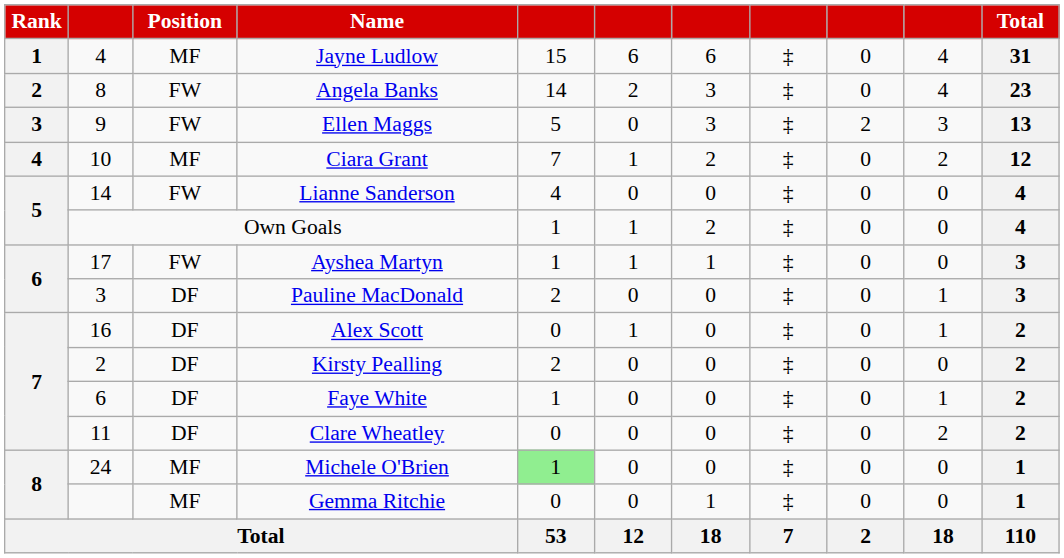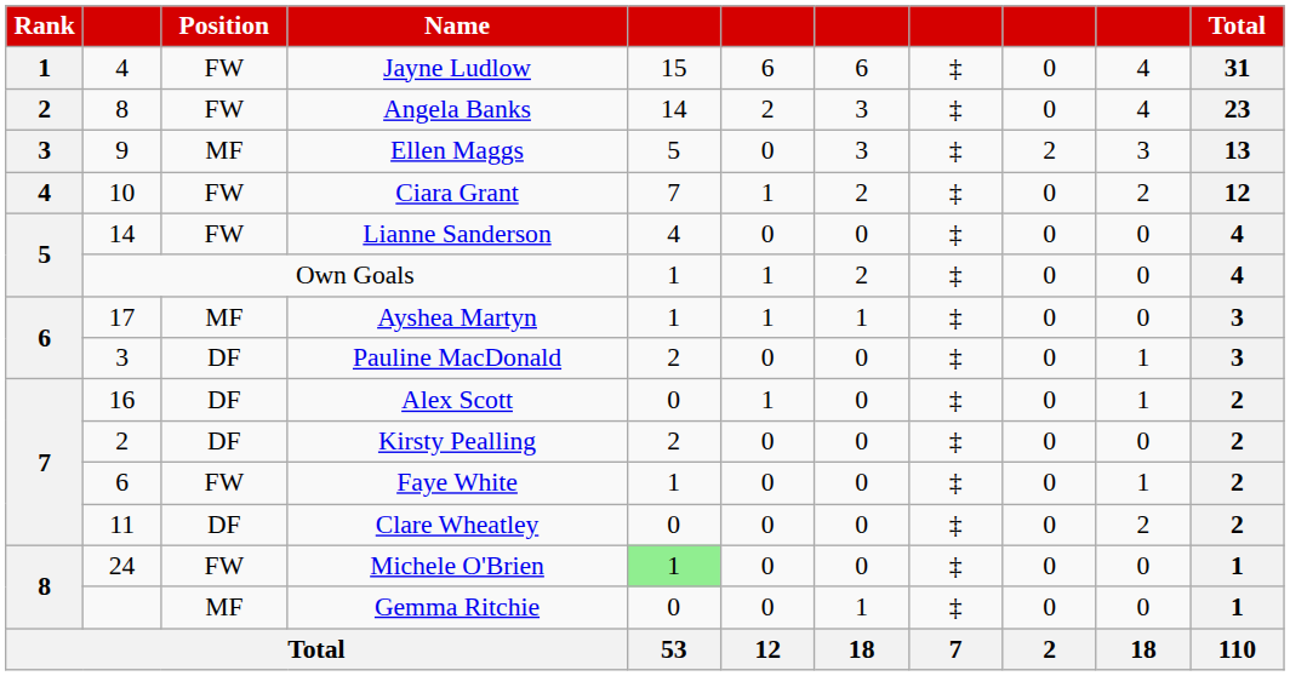 <table class="wikitable" style="text-align:center; font-size:100%; ">
 <tr>
 <th style="background:#d50000; color:white; text-align:center; width:40px">Rank</th>
 <th style="background:#d50000; color:white; text-align:center; width:40px"></th>
 <th style="background:#d50000; color:white; text-align:center; width:70px">Position</th>
 <th style="background:#d50000; color:white; text-align:center; width:200px">Name</th>
 <th style="background:#d50000; color:white; text-align:center; width:50px;"></th>
 <th style="background:#d50000; color:white; text-align:center; width:50px;"></th>
 <th style="background:#d50000; color:white; text-align:center; width:50px;"></th>
 <th style="background:#d50000; color:white; text-align:center; width:50px;"></th>
 <th style="background:#d50000; color:white; text-align:center; width:50px;"></th>
 <th style="background:#d50000; color:white; text-align:center; width:50px;"></th>
 <th style="background:#d50000; color:white; text-align:center; width:50px;">Total</th>
 </tr>
 <tr>
 <th>1</th>
 <td>4</td>
-<td>MF</td>
+<td>FW</td>
 <td> <a href='#'>Jayne Ludlow</a></td>
 <td>15</td>
 <td>6</td>
 <td>6</td>
 <td>‡</td>
 <td>0</td>
 <td>4</td>
 <th>31</th>
 </tr>
 <tr>
 <th>2</th>
 <td>8</td>
 <td>FW</td>
 <td> <a href='#'>Angela Banks</a></td>
 <td>14</td>
 <td>2</td>
 <td>3</td>
 <td>‡</td>
 <td>0</td>
 <td>4</td>
 <th>23</th>
 </tr>
 <tr>
 <th>3</th>
 <td>9</td>
-<td>FW</td>
+<td>MF</td>
 <td> <a href='#'>Ellen Maggs</a></td>
 <td>5</td>
 <td>0</td>
 <td>3</td>
 <td>‡</td>
 <td>2</td>
 <td>3</td>
 <th>13</th>
 </tr>
 <tr>
 <th>4</th>
 <td>10</td>
-<td>MF</td>
+<td>FW</td>
 <td> <a href='#'>Ciara Grant</a></td>
 <td>7</td>
 <td>1</td>
 <td>2</td>
 <td>‡</td>
 <td>0</td>
 <td>2</td>
 <th>12</th>
 </tr>
 <tr>
 <th rowspan="2">5</th>
 <td>14</td>
 <td>FW</td>
 <td> <a href='#'>Lianne Sanderson</a></td>
 <td>4</td>
 <td>0</td>
 <td>0</td>
 <td>‡</td>
 <td>0</td>
 <td>0</td>
 <th>4</th>
 </tr>
 <tr>
 <td colspan="3">Own Goals</td>
 <td>1</td>
 <td>1</td>
 <td>2</td>
 <td>‡</td>
 <td>0</td>
 <td>0</td>
 <th>4</th>
 </tr>
 <tr>
 <th rowspan="2">6</th>
 <td>17</td>
-<td>FW</td>
+<td>MF</td>
 <td> <a href='#'>Ayshea Martyn</a></td>
 <td>1</td>
 <td>1</td>
 <td>1</td>
 <td>‡</td>
 <td>0</td>
 <td>0</td>
 <th>3</th>
 </tr>
 <tr>
 <td>3</td>
 <td>DF</td>
 <td> <a href='#'>Pauline MacDonald</a></td>
 <td>2</td>
 <td>0</td>
 <td>0</td>
 <td>‡</td>
 <td>0</td>
 <td>1</td>
 <th>3</th>
 </tr>
 <tr>
 <th rowspan="4">7</th>
 <td>16</td>
 <td>DF</td>
 <td> <a href='#'>Alex Scott</a></td>
 <td>0</td>
 <td>1</td>
 <td>0</td>
 <td>‡</td>
 <td>0</td>
 <td>1</td>
 <th>2</th>
 </tr>
 <tr>
 <td>2</td>
 <td>DF</td>
 <td> <a href='#'>Kirsty Pealling</a></td>
 <td>2</td>
 <td>0</td>
 <td>0</td>
 <td>‡</td>
 <td>0</td>
 <td>0</td>
 <th>2</th>
 </tr>
 <tr>
 <td>6</td>
-<td>DF</td>
+<td>FW</td>
 <td> <a href='#'>Faye White</a></td>
 <td>1</td>
 <td>0</td>
 <td>0</td>
 <td>‡</td>
 <td>0</td>
 <td>1</td>
 <th>2</th>
 </tr>
 <tr>
 <td>11</td>
 <td>DF</td>
 <td> <a href='#'>Clare Wheatley</a></td>
 <td>0</td>
 <td>0</td>
 <td>0</td>
 <td>‡</td>
 <td>0</td>
 <td>2</td>
 <th>2</th>
 </tr>
 <tr>
 <th rowspan="2">8</th>
 <td>24</td>
-<td>MF</td>
+<td>FW</td>
 <td> <a href='#'>Michele O'Brien</a></td>
 <td style="background: lightgreen;">1</td>
 <td>0</td>
 <td>0</td>
 <td>‡</td>
 <td>0</td>
 <td>0</td>
 <th>1</th>
 </tr>
 <tr>
 <td></td>
 <td>MF</td>
 <td> <a href='#'>Gemma Ritchie</a></td>
 <td>0</td>
 <td>0</td>
 <td>1</td>
 <td>‡</td>
 <td>0</td>
 <td>0</td>
 <th>1</th>
 </tr>
 <tr>
 <th colspan="4">Total</th>
 <th>53</th>
 <th>12</th>
 <th>18</th>
 <th>7</th>
 <th>2</th>
 <th>18</th>
 <th>110</th>
 </tr>
 </table>
